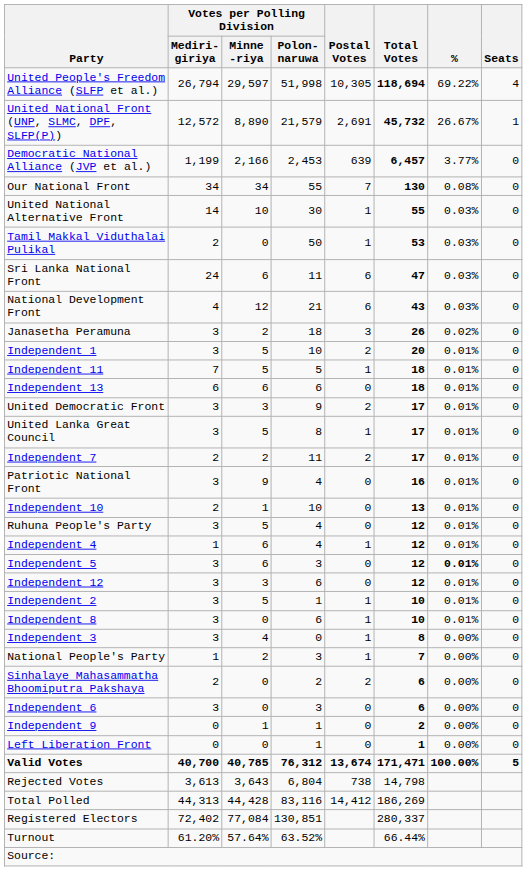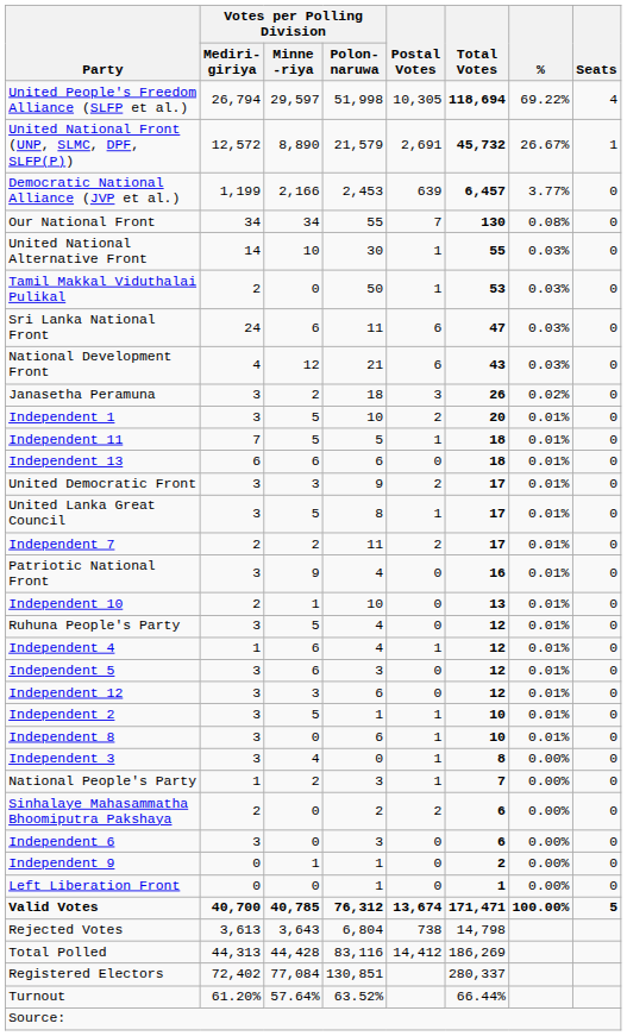 <table class="wikitable" border="1" style="text-align:right;">
 <tr>
 <th align=left valign=bottom rowspan=2 width="180">Party</th>
 <th colspan=3>Votes per Polling Division</th>
 <th align=center valign=bottom rowspan=2 width="50">Postal<br>Votes</th>
 <th align=center valign=bottom rowspan=2 width="50">Total Votes</th>
 <th align=center valign=bottom rowspan=2 width="50">%</th>
 <th align=center valign=bottom rowspan=2 width="40">Seats</th>
 </tr>
 <tr>
 <th align=center valign=bottom width="50">Mediri-<br>giriya</th>
 <th align=center valign=bottom width="50">Minne<br>-riya</th>
 <th align=center valign=bottom width="50">Polon-<br>naruwa</th>
 </tr>
 <tr>
 <td align=left><a href='#'>United People's Freedom Alliance</a> (<a href='#'>SLFP</a> et al.)</td>
 <td>26,794</td>
 <td>29,597</td>
 <td>51,998</td>
 <td>10,305</td>
 <td><strong>118,694</strong></td>
 <td>69.22%</td>
 <td>4</td>
 </tr>
 <tr>
 <td align=left><a href='#'>United National Front</a><br>(<a href='#'>UNP</a>, <a href='#'>SLMC</a>, <a href='#'>DPF</a>, <a href='#'>SLFP(P)</a>)</td>
 <td>12,572</td>
 <td>8,890</td>
 <td>21,579</td>
 <td>2,691</td>
 <td><strong>45,732</strong></td>
 <td>26.67%</td>
 <td>1</td>
 </tr>
 <tr>
 <td align=left><a href='#'>Democratic National Alliance</a> (<a href='#'>JVP</a> et al.)</td>
 <td>1,199</td>
 <td>2,166</td>
 <td>2,453</td>
 <td>639</td>
 <td><strong>6,457</strong></td>
 <td>3.77%</td>
 <td>0</td>
 </tr>
 <tr>
 <td align=left>Our National Front</td>
 <td>34</td>
 <td>34</td>
 <td>55</td>
 <td>7</td>
 <td><strong>130</strong></td>
 <td>0.08%</td>
 <td>0</td>
 </tr>
 <tr>
 <td align=left>United National Alternative Front</td>
 <td>14</td>
 <td>10</td>
 <td>30</td>
 <td>1</td>
 <td><strong>55</strong></td>
 <td>0.03%</td>
 <td>0</td>
 </tr>
 <tr>
 <td align=left><a href='#'>Tamil Makkal Viduthalai Pulikal</a></td>
 <td>2</td>
 <td>0</td>
 <td>50</td>
 <td>1</td>
 <td><strong>53</strong></td>
 <td>0.03%</td>
 <td>0</td>
 </tr>
 <tr>
 <td align=left>Sri Lanka National Front</td>
 <td>24</td>
 <td>6</td>
 <td>11</td>
 <td>6</td>
 <td><strong>47</strong></td>
 <td>0.03%</td>
 <td>0</td>
 </tr>
 <tr>
 <td align=left>National Development Front</td>
 <td>4</td>
 <td>12</td>
 <td>21</td>
 <td>6</td>
 <td><strong>43</strong></td>
 <td>0.03%</td>
 <td>0</td>
 </tr>
 <tr>
 <td align=left>Janasetha Peramuna</td>
 <td>3</td>
 <td>2</td>
 <td>18</td>
 <td>3</td>
 <td><strong>26</strong></td>
 <td>0.02%</td>
 <td>0</td>
 </tr>
 <tr>
 <td align=left><a href='#'>Independent 1</a></td>
 <td>3</td>
 <td>5</td>
 <td>10</td>
 <td>2</td>
 <td><strong>20</strong></td>
 <td>0.01%</td>
 <td>0</td>
 </tr>
 <tr>
 <td align=left><a href='#'>Independent 11</a></td>
 <td>7</td>
 <td>5</td>
 <td>5</td>
 <td>1</td>
 <td><strong>18</strong></td>
 <td>0.01%</td>
 <td>0</td>
 </tr>
 <tr>
 <td align=left><a href='#'>Independent 13</a></td>
 <td>6</td>
 <td>6</td>
 <td>6</td>
 <td>0</td>
 <td><strong>18</strong></td>
 <td>0.01%</td>
 <td>0</td>
 </tr>
 <tr>
 <td align=left>United Democratic Front</td>
 <td>3</td>
 <td>3</td>
 <td>9</td>
 <td>2</td>
 <td><strong>17</strong></td>
 <td>0.01%</td>
 <td>0</td>
 </tr>
 <tr>
 <td align=left>United Lanka Great Council</td>
 <td>3</td>
 <td>5</td>
 <td>8</td>
 <td>1</td>
 <td><strong>17</strong></td>
 <td>0.01%</td>
 <td>0</td>
 </tr>
 <tr>
 <td align=left><a href='#'>Independent 7</a></td>
 <td>2</td>
 <td>2</td>
 <td>11</td>
 <td>2</td>
 <td><strong>17</strong></td>
 <td>0.01%</td>
 <td>0</td>
 </tr>
 <tr>
 <td align=left>Patriotic National Front</td>
 <td>3</td>
 <td>9</td>
 <td>4</td>
 <td>0</td>
 <td><strong>16</strong></td>
 <td>0.01%</td>
 <td>0</td>
 </tr>
 <tr>
 <td align=left><a href='#'>Independent 10</a></td>
 <td>2</td>
 <td>1</td>
 <td>10</td>
 <td>0</td>
 <td><strong>13</strong></td>
 <td>0.01%</td>
 <td>0</td>
 </tr>
 <tr>
 <td align=left>Ruhuna People's Party</td>
 <td>3</td>
 <td>5</td>
 <td>4</td>
 <td>0</td>
 <td><strong>12</strong></td>
 <td>0.01%</td>
 <td>0</td>
 </tr>
 <tr>
 <td align=left><a href='#'>Independent 4</a></td>
 <td>1</td>
 <td>6</td>
 <td>4</td>
 <td>1</td>
 <td><strong>12</strong></td>
 <td>0.01%</td>
 <td>0</td>
 </tr>
 <tr>
 <td align=left><a href='#'>Independent 5</a></td>
 <td>3</td>
 <td>6</td>
 <td>3</td>
 <td>0</td>
 <td><strong>12</strong></td>
-<td><strong>0.01%</strong></td>
+<td>0.01%</td>
 <td>0</td>
 </tr>
 <tr>
 <td align=left><a href='#'>Independent 12</a></td>
 <td>3</td>
 <td>3</td>
 <td>6</td>
 <td>0</td>
 <td><strong>12</strong></td>
 <td>0.01%</td>
 <td>0</td>
 </tr>
 <tr>
 <td align=left><a href='#'>Independent 2</a></td>
 <td>3</td>
 <td>5</td>
 <td>1</td>
 <td>1</td>
 <td><strong>10</strong></td>
 <td>0.01%</td>
 <td>0</td>
 </tr>
 <tr>
 <td align=left><a href='#'>Independent 8</a></td>
 <td>3</td>
 <td>0</td>
 <td>6</td>
 <td>1</td>
 <td><strong>10</strong></td>
 <td>0.01%</td>
 <td>0</td>
 </tr>
 <tr>
 <td align=left><a href='#'>Independent 3</a></td>
 <td>3</td>
 <td>4</td>
 <td>0</td>
 <td>1</td>
 <td><strong>8</strong></td>
 <td>0.00%</td>
 <td>0</td>
 </tr>
 <tr>
 <td align=left>National People's Party</td>
 <td>1</td>
 <td>2</td>
 <td>3</td>
 <td>1</td>
 <td><strong>7</strong></td>
 <td>0.00%</td>
 <td>0</td>
 </tr>
 <tr>
 <td align=left><a href='#'>Sinhalaye Mahasammatha Bhoomiputra Pakshaya</a></td>
 <td>2</td>
 <td>0</td>
 <td>2</td>
 <td>2</td>
 <td><strong>6</strong></td>
 <td>0.00%</td>
 <td>0</td>
 </tr>
 <tr>
 <td align=left><a href='#'>Independent 6</a></td>
 <td>3</td>
 <td>0</td>
 <td>3</td>
 <td>0</td>
 <td><strong>6</strong></td>
 <td>0.00%</td>
 <td>0</td>
 </tr>
 <tr>
 <td align=left><a href='#'>Independent 9</a></td>
 <td>0</td>
 <td>1</td>
 <td>1</td>
 <td>0</td>
 <td><strong>2</strong></td>
 <td>0.00%</td>
 <td>0</td>
 </tr>
 <tr>
 <td align=left><a href='#'>Left Liberation Front</a></td>
 <td>0</td>
 <td>0</td>
 <td>1</td>
 <td>0</td>
 <td><strong>1</strong></td>
 <td>0.00%</td>
 <td>0</td>
 </tr>
 <tr>
 <td align=left><strong>Valid Votes</strong></td>
 <td><strong>40,700</strong></td>
 <td><strong>40,785</strong></td>
 <td><strong>76,312</strong></td>
 <td><strong>13,674</strong></td>
 <td><strong>171,471</strong></td>
 <td><strong>100.00%</strong></td>
 <td><strong>5</strong></td>
 </tr>
 <tr>
 <td align=left>Rejected Votes</td>
 <td>3,613</td>
 <td>3,643</td>
 <td>6,804</td>
 <td>738</td>
 <td>14,798</td>
 <td></td>
 <td></td>
 </tr>
 <tr>
 <td align=left>Total Polled</td>
 <td>44,313</td>
 <td>44,428</td>
 <td>83,116</td>
 <td>14,412</td>
 <td>186,269</td>
 <td></td>
 <td></td>
 </tr>
 <tr>
 <td align=left>Registered Electors</td>
 <td>72,402</td>
 <td>77,084</td>
 <td>130,851</td>
 <td></td>
 <td>280,337</td>
 <td></td>
 <td></td>
 </tr>
 <tr>
 <td align=left>Turnout</td>
 <td>61.20%</td>
 <td>57.64%</td>
 <td>63.52%</td>
 <td></td>
 <td>66.44%</td>
 <td></td>
 <td></td>
 </tr>
 <tr>
 <td align=left colspan=9>Source:</td>
 </tr>
 </table>
